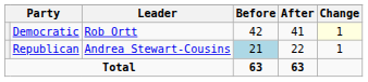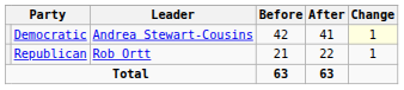 <table class="wikitable" style="text-align:center;">
 <tr>
 </tr>
 <tr>
 <th colspan="2">Party</th>
 <th>Leader</th>
 <th style="width:3em">Before</th>
 <th style="width:3em">After</th>
 <th style="width:3em">Change</th>
 </tr>
 <tr>
 <th style="background-color:"></th>
 <td style="text-align:left;"><a href='#'>Democratic</a></td>
-<td style="text-align:left;"><a href='#'>Rob Ortt</a></td>
+<td style="text-align:left;"><a href='#'>Andrea Stewart-Cousins</a></td>
 <td>42</td>
 <td>41</td>
 <td style="background: lightyellow;"> 1</td>
 </tr>
 <tr>
 <th style="background-color:"></th>
 <td style="text-align:left;"><a href='#'>Republican</a></td>
-<td style="text-align:left;"><a href='#'>Andrea Stewart-Cousins</a></td>
-<td style="background: lightblue;">21</td>
+<td style="text-align:left;"><a href='#'>Rob Ortt</a></td>
+<td>21</td>
 <td>22</td>
 <td> 1</td>
 </tr>
 <tr>
 <td colspan="3"><strong>Total</strong></td>
 <td><strong>63</strong></td>
 <td><strong>63</strong></td>
 <td></td>
 </tr>
 </table>
